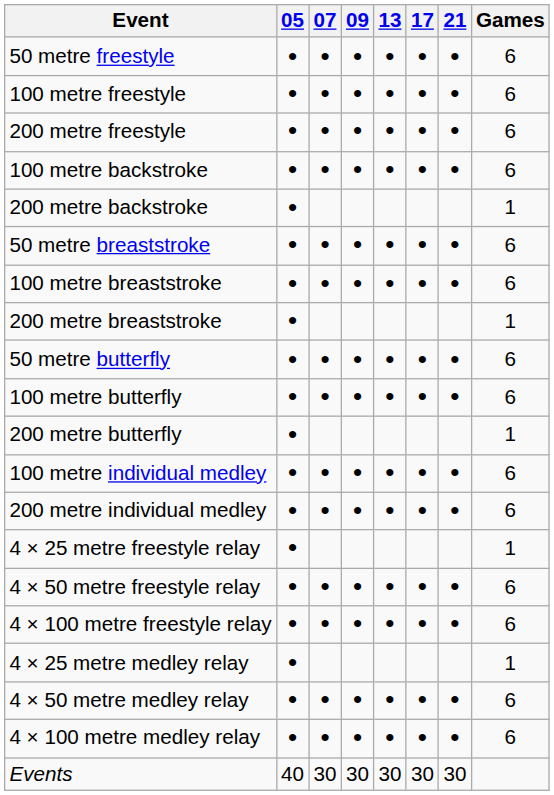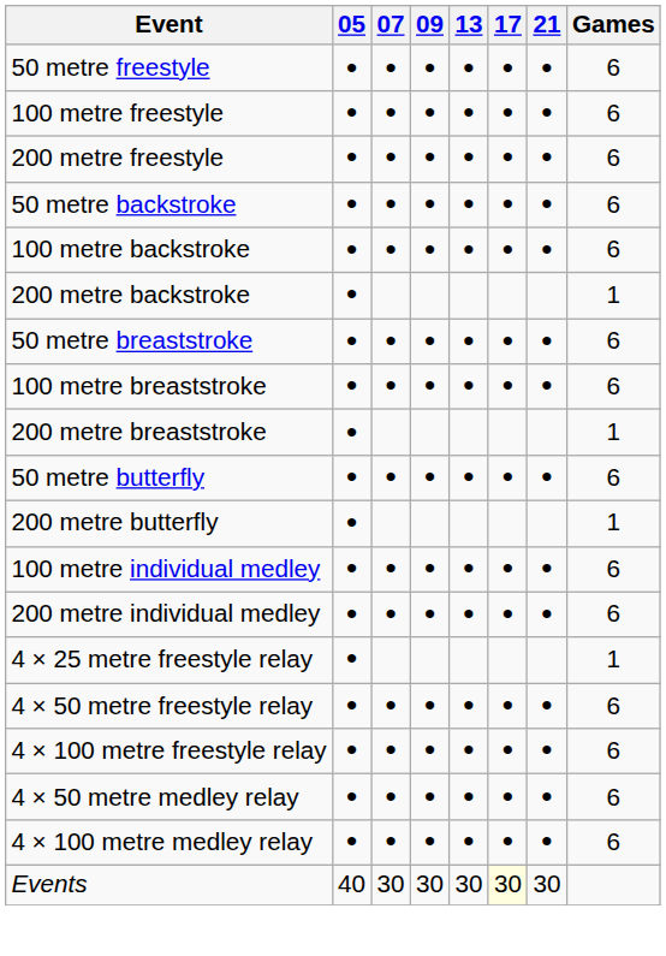 <table class="wikitable" style="text-align:center">
 <tr>
 <th>Event</th>
 <th><a href='#'>05</a></th>
 <th><a href='#'>07</a></th>
 <th><a href='#'>09</a></th>
 <th><a href='#'>13</a></th>
 <th><a href='#'>17</a></th>
 <th><a href='#'>21</a></th>
 <th>Games</th>
 </tr>
 <tr>
 <td align="left">50 metre <a href='#'>freestyle</a></td>
 <td><big><strong>•</strong></big></td>
 <td><big><strong>•</strong></big></td>
 <td><big><strong>•</strong></big></td>
 <td><big><strong>•</strong></big></td>
 <td><big><strong>•</strong></big></td>
 <td><big><strong>•</strong></big></td>
 <td>6</td>
 </tr>
 <tr>
 <td align="left">100 metre freestyle</td>
 <td><big><strong>•</strong></big></td>
 <td><big><strong>•</strong></big></td>
 <td><big><strong>•</strong></big></td>
 <td><big><strong>•</strong></big></td>
 <td><big><strong>•</strong></big></td>
 <td><big><strong>•</strong></big></td>
 <td>6</td>
 </tr>
 <tr>
 <td align="left">200 metre freestyle</td>
+<td><big><strong>•</strong></big></td>
+<td><big><strong>•</strong></big></td>
+<td><big><strong>•</strong></big></td>
+<td><big><strong>•</strong></big></td>
+<td><big><strong>•</strong></big></td>
+<td><big><strong>•</strong></big></td>
+<td>6</td>
+</tr>
+<tr>
+<td align="left">50 metre <a href='#'>backstroke</a></td>
 <td><big><strong>•</strong></big></td>
 <td><big><strong>•</strong></big></td>
 <td><big><strong>•</strong></big></td>
 <td><big><strong>•</strong></big></td>
 <td><big><strong>•</strong></big></td>
 <td><big><strong>•</strong></big></td>
 <td>6</td>
 </tr>
 <tr>
 <td align="left">100 metre backstroke</td>
 <td><big><strong>•</strong></big></td>
 <td><big><strong>•</strong></big></td>
 <td><big><strong>•</strong></big></td>
 <td><big><strong>•</strong></big></td>
 <td><big><strong>•</strong></big></td>
 <td><big><strong>•</strong></big></td>
 <td>6</td>
 </tr>
 <tr>
 <td align="left">200 metre backstroke</td>
 <td><big><strong>•</strong></big></td>
 <td></td>
 <td></td>
 <td></td>
 <td></td>
 <td></td>
 <td>1</td>
 </tr>
 <tr>
 <td align="left">50 metre <a href='#'>breaststroke</a></td>
 <td><big><strong>•</strong></big></td>
 <td><big><strong>•</strong></big></td>
 <td><big><strong>•</strong></big></td>
 <td><big><strong>•</strong></big></td>
 <td><big><strong>•</strong></big></td>
 <td><big><strong>•</strong></big></td>
 <td>6</td>
 </tr>
 <tr>
 <td align="left">100 metre breaststroke</td>
 <td><big><strong>•</strong></big></td>
 <td><big><strong>•</strong></big></td>
 <td><big><strong>•</strong></big></td>
 <td><big><strong>•</strong></big></td>
 <td><big><strong>•</strong></big></td>
 <td><big><strong>•</strong></big></td>
 <td>6</td>
 </tr>
 <tr>
 <td align="left">200 metre breaststroke</td>
 <td><big><strong>•</strong></big></td>
 <td></td>
 <td></td>
 <td></td>
 <td></td>
 <td></td>
 <td>1</td>
 </tr>
 <tr>
 <td align="left">50 metre <a href='#'>butterfly</a></td>
 <td><big><strong>•</strong></big></td>
 <td><big><strong>•</strong></big></td>
 <td><big><strong>•</strong></big></td>
 <td><big><strong>•</strong></big></td>
 <td><big><strong>•</strong></big></td>
 <td><big><strong>•</strong></big></td>
 <td>6</td>
 </tr>
 <tr>
-<td align="left">100 metre butterfly</td>
-<td><big><strong>•</strong></big></td>
-<td><big><strong>•</strong></big></td>
-<td><big><strong>•</strong></big></td>
-<td><big><strong>•</strong></big></td>
-<td><big><strong>•</strong></big></td>
-<td><big><strong>•</strong></big></td>
-<td>6</td>
-</tr>
-<tr>
 <td align="left">200 metre butterfly</td>
 <td><big><strong>•</strong></big></td>
 <td></td>
 <td></td>
 <td></td>
 <td></td>
 <td></td>
 <td>1</td>
 </tr>
 <tr>
 <td align="left">100 metre <a href='#'>individual medley</a></td>
 <td><big><strong>•</strong></big></td>
 <td><big><strong>•</strong></big></td>
 <td><big><strong>•</strong></big></td>
 <td><big><strong>•</strong></big></td>
 <td><big><strong>•</strong></big></td>
 <td><big><strong>•</strong></big></td>
 <td>6</td>
 </tr>
 <tr>
 <td align="left">200 metre individual medley</td>
 <td><big><strong>•</strong></big></td>
 <td><big><strong>•</strong></big></td>
 <td><big><strong>•</strong></big></td>
 <td><big><strong>•</strong></big></td>
 <td><big><strong>•</strong></big></td>
 <td><big><strong>•</strong></big></td>
 <td>6</td>
 </tr>
 <tr>
 <td align="left">4 × 25 metre freestyle relay</td>
 <td><big><strong>•</strong></big></td>
 <td></td>
 <td></td>
 <td></td>
 <td></td>
 <td></td>
 <td>1</td>
 </tr>
 <tr>
 <td align="left">4 × 50 metre freestyle relay</td>
 <td><big><strong>•</strong></big></td>
 <td><big><strong>•</strong></big></td>
 <td><big><strong>•</strong></big></td>
 <td><big><strong>•</strong></big></td>
 <td><big><strong>•</strong></big></td>
 <td><big><strong>•</strong></big></td>
 <td>6</td>
 </tr>
 <tr>
 <td align="left">4 × 100 metre freestyle relay</td>
 <td><big><strong>•</strong></big></td>
 <td><big><strong>•</strong></big></td>
 <td><big><strong>•</strong></big></td>
 <td><big><strong>•</strong></big></td>
 <td><big><strong>•</strong></big></td>
 <td><big><strong>•</strong></big></td>
 <td>6</td>
 </tr>
 <tr>
-<td align="left">4 × 25 metre medley relay</td>
-<td><big><strong>•</strong></big></td>
-<td></td>
-<td></td>
-<td></td>
-<td></td>
-<td></td>
-<td>1</td>
-</tr>
-<tr>
 <td align="left">4 × 50 metre medley relay</td>
 <td><big><strong>•</strong></big></td>
 <td><big><strong>•</strong></big></td>
 <td><big><strong>•</strong></big></td>
 <td><big><strong>•</strong></big></td>
 <td><big><strong>•</strong></big></td>
 <td><big><strong>•</strong></big></td>
 <td>6</td>
 </tr>
 <tr>
 <td align="left">4 × 100 metre medley relay</td>
 <td><big><strong>•</strong></big></td>
 <td><big><strong>•</strong></big></td>
 <td><big><strong>•</strong></big></td>
 <td><big><strong>•</strong></big></td>
 <td><big><strong>•</strong></big></td>
 <td><big><strong>•</strong></big></td>
 <td>6</td>
 </tr>
 <tr>
 <td align="left"><em>Events</em></td>
 <td>40</td>
 <td>30</td>
 <td>30</td>
 <td>30</td>
-<td>30</td>
+<td style="background: lightyellow;">30</td>
 <td>30</td>
 <td></td>
 </tr>
 </table>
